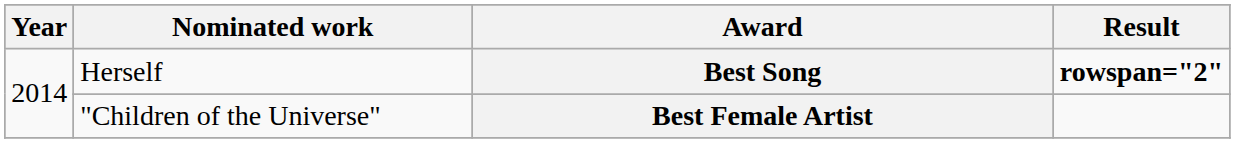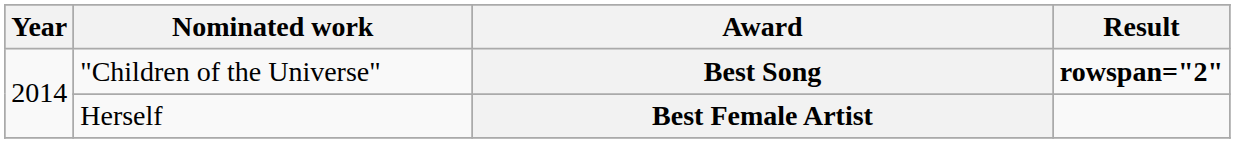 <table class="wikitable plainrowheaders">
 <tr>
 <th scope="col">Year</th>
 <th scope="col" style="width:220px;">Nominated work</th>
 <th scope="col" style="width:325px;">Award</th>
 <th scope="col" style="width:65px;">Result</th>
 </tr>
 <tr>
 <td rowspan="2" style="text-align:center;">2014</td>
-<td>Herself</td>
+<td>"Children of the Universe"</td>
 <th scope="row">Best Song</th>
 <td><strong>rowspan="2" </strong></td>
 </tr>
 <tr>
-<td>"Children of the Universe"</td>
+<td>Herself</td>
 <th scope="row">Best Female Artist</th>
 </tr>
 </table>
